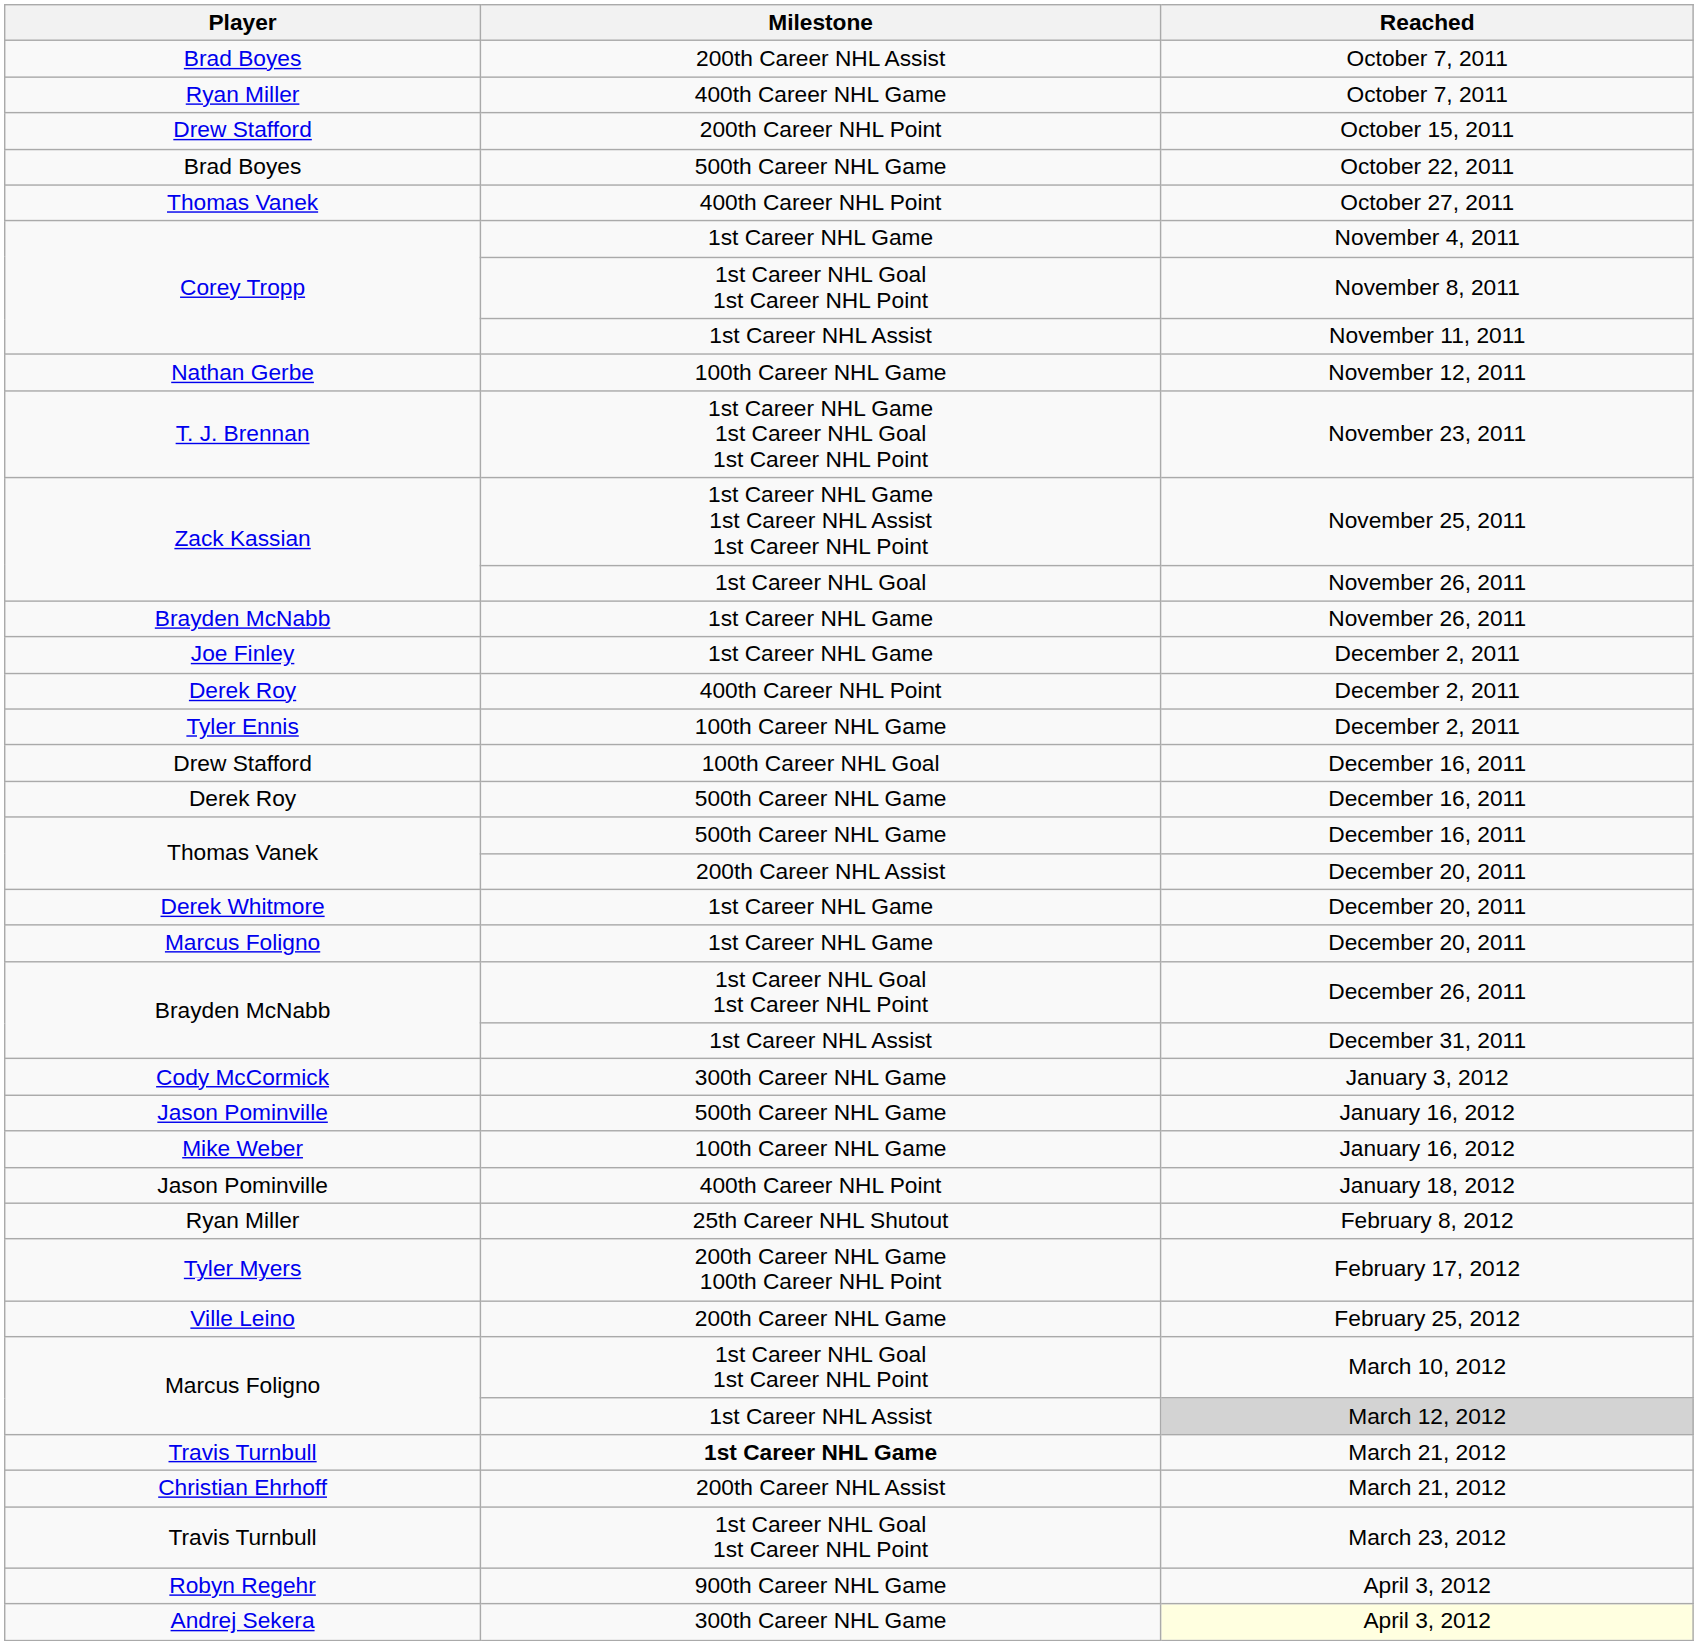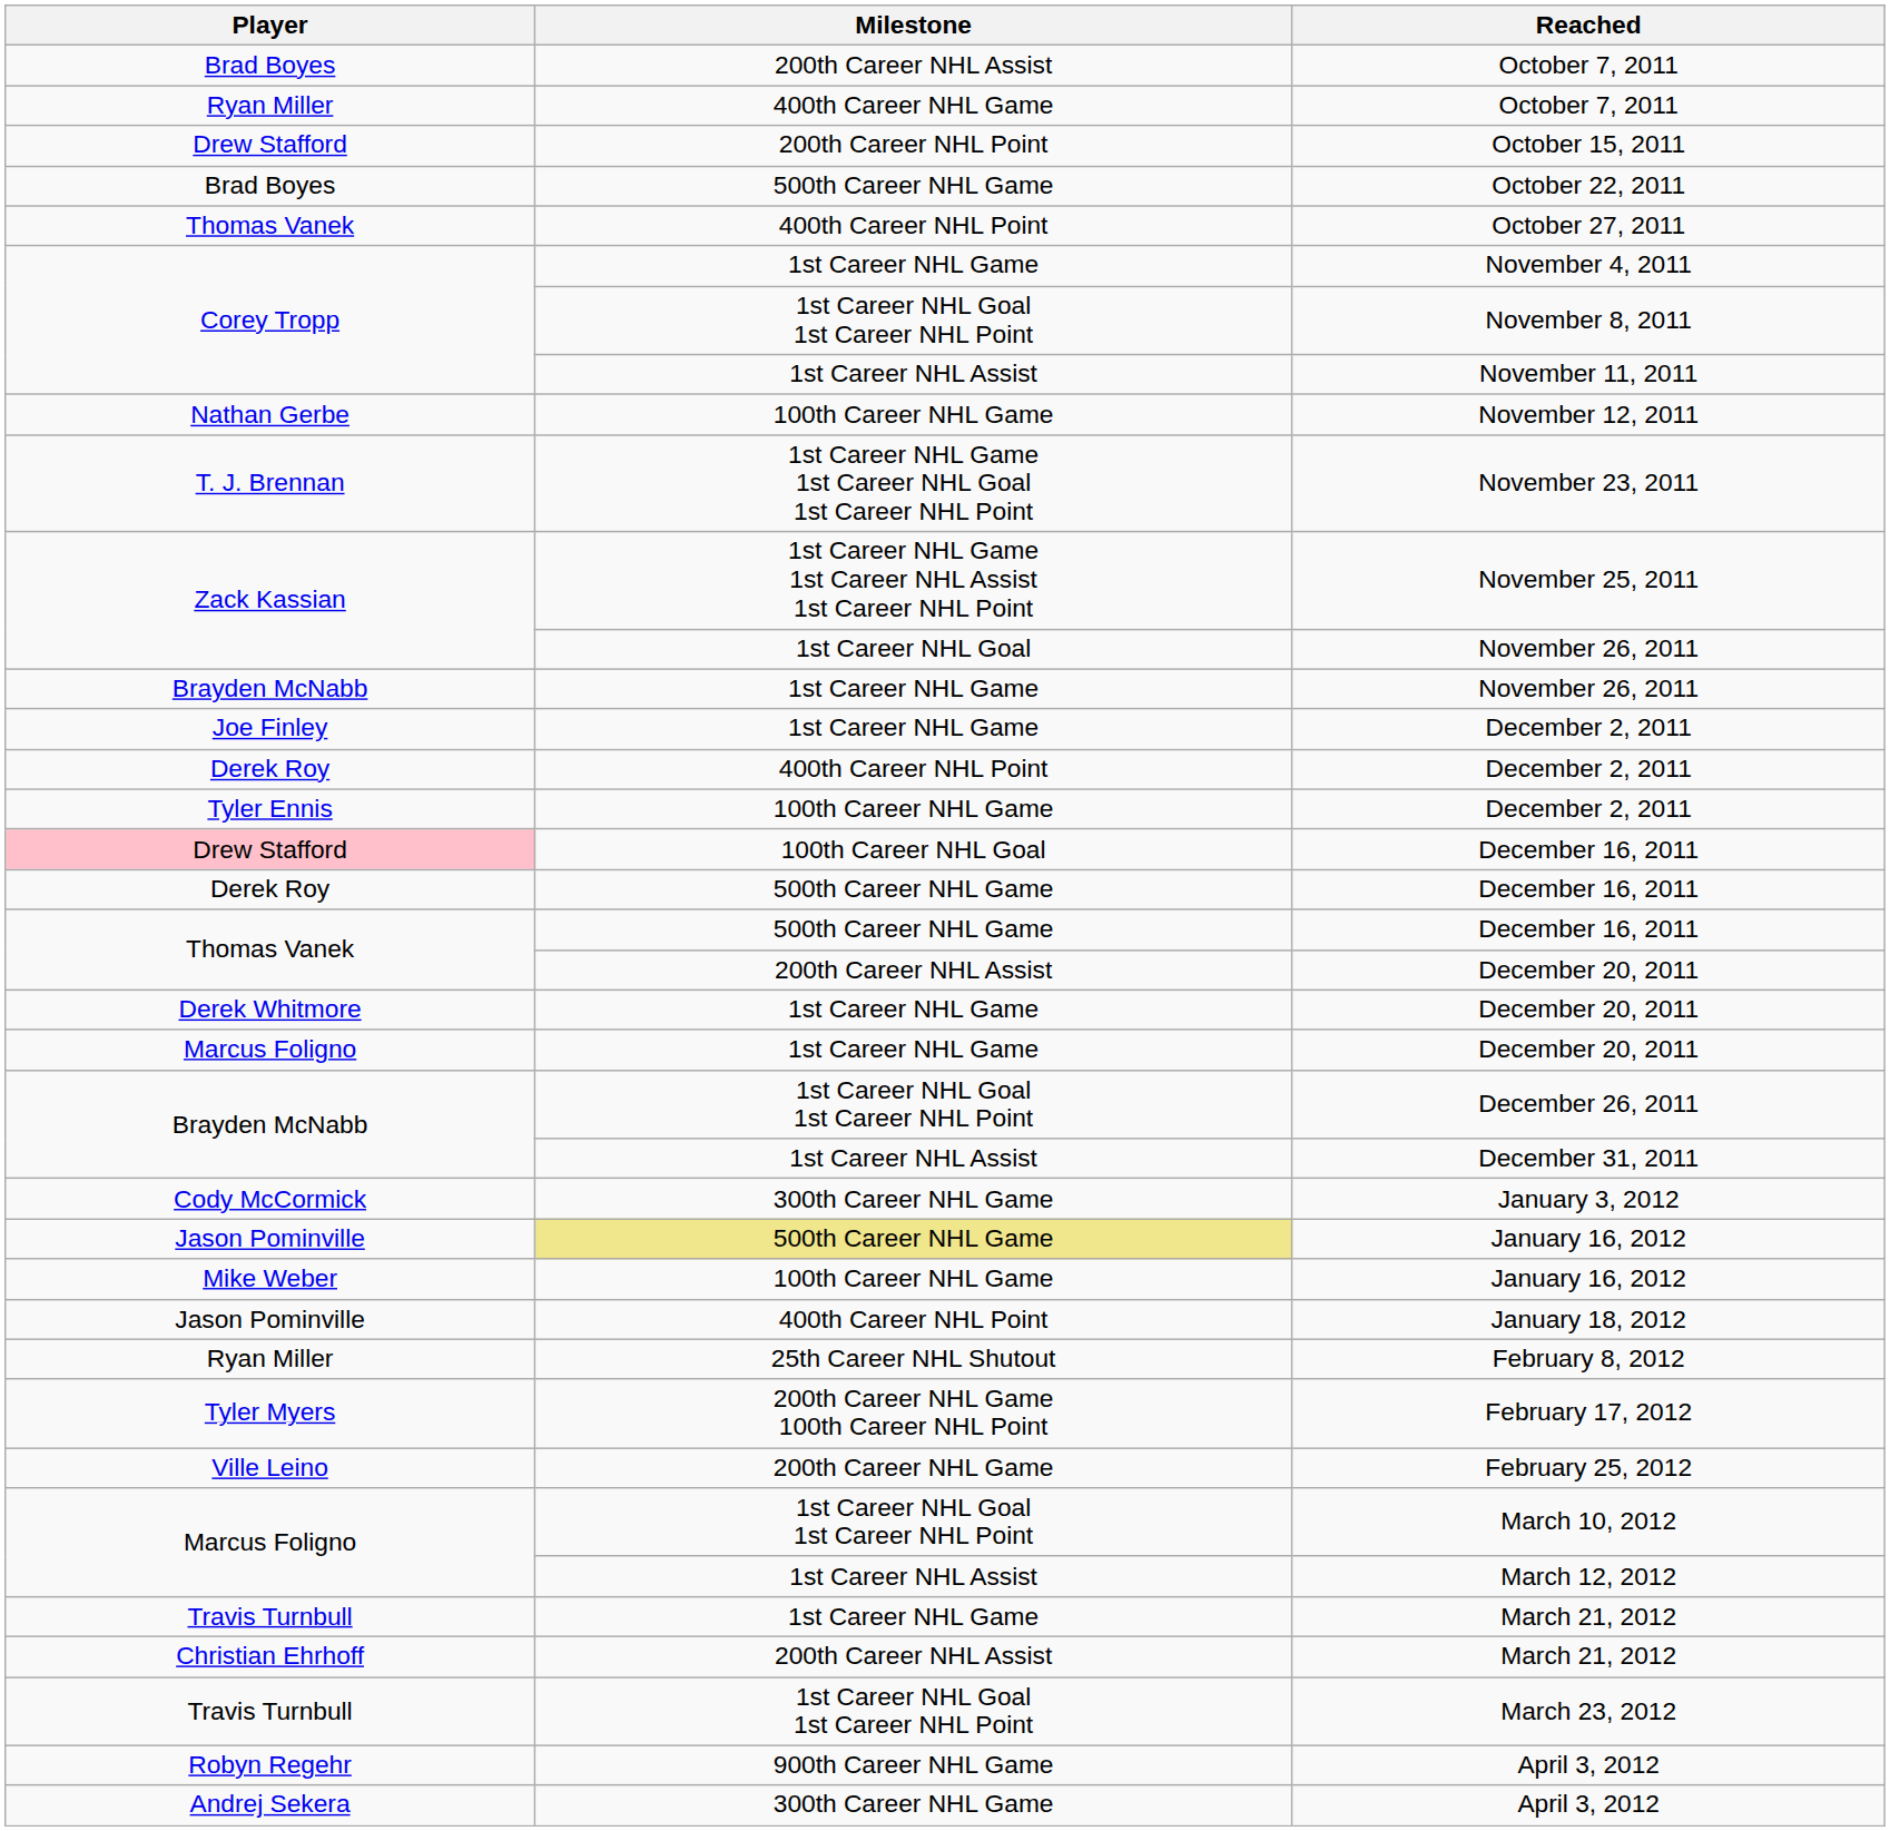 <table class="wikitable" width="60%" style="text-align:center">
 <tr>
 <th>Player</th>
 <th>Milestone</th>
 <th>Reached</th>
 </tr>
 <tr>
 <td><a href='#'>Brad Boyes</a></td>
 <td>200th Career NHL Assist</td>
 <td>October 7, 2011</td>
 </tr>
 <tr>
 <td><a href='#'>Ryan Miller</a></td>
 <td>400th Career NHL Game</td>
 <td>October 7, 2011</td>
 </tr>
 <tr>
 <td><a href='#'>Drew Stafford</a></td>
 <td>200th Career NHL Point</td>
 <td>October 15, 2011</td>
 </tr>
 <tr>
 <td>Brad Boyes</td>
 <td>500th Career NHL Game</td>
 <td>October 22, 2011</td>
 </tr>
 <tr>
 <td><a href='#'>Thomas Vanek</a></td>
 <td>400th Career NHL Point</td>
 <td>October 27, 2011</td>
 </tr>
 <tr>
 <td rowspan="3"><a href='#'>Corey Tropp</a></td>
 <td>1st Career NHL Game</td>
 <td>November 4, 2011</td>
 </tr>
 <tr>
 <td>1st Career NHL Goal<br>1st Career NHL Point</td>
 <td>November 8, 2011</td>
 </tr>
 <tr>
 <td>1st Career NHL Assist</td>
 <td>November 11, 2011</td>
 </tr>
 <tr>
 <td><a href='#'>Nathan Gerbe</a></td>
 <td>100th Career NHL Game</td>
 <td>November 12, 2011</td>
 </tr>
 <tr>
 <td><a href='#'>T. J. Brennan</a></td>
 <td>1st Career NHL Game<br>1st Career NHL Goal<br>1st Career NHL Point</td>
 <td>November 23, 2011</td>
 </tr>
 <tr>
 <td rowspan="2"><a href='#'>Zack Kassian</a></td>
 <td>1st Career NHL Game<br>1st Career NHL Assist<br>1st Career NHL Point</td>
 <td>November 25, 2011</td>
 </tr>
 <tr>
 <td>1st Career NHL Goal</td>
 <td>November 26, 2011</td>
 </tr>
 <tr>
 <td><a href='#'>Brayden McNabb</a></td>
 <td>1st Career NHL Game</td>
 <td>November 26, 2011</td>
 </tr>
 <tr>
 <td><a href='#'>Joe Finley</a></td>
 <td>1st Career NHL Game</td>
 <td>December 2, 2011</td>
 </tr>
 <tr>
 <td><a href='#'>Derek Roy</a></td>
 <td>400th Career NHL Point</td>
 <td>December 2, 2011</td>
 </tr>
 <tr>
 <td><a href='#'>Tyler Ennis</a></td>
 <td>100th Career NHL Game</td>
 <td>December 2, 2011</td>
 </tr>
 <tr>
-<td>Drew Stafford</td>
+<td style="background: pink;">Drew Stafford</td>
 <td>100th Career NHL Goal</td>
 <td>December 16, 2011</td>
 </tr>
 <tr>
 <td>Derek Roy</td>
 <td>500th Career NHL Game</td>
 <td>December 16, 2011</td>
 </tr>
 <tr>
 <td rowspan="2">Thomas Vanek</td>
 <td>500th Career NHL Game</td>
 <td>December 16, 2011</td>
 </tr>
 <tr>
 <td>200th Career NHL Assist</td>
 <td>December 20, 2011</td>
 </tr>
 <tr>
 <td><a href='#'>Derek Whitmore</a></td>
 <td>1st Career NHL Game</td>
 <td>December 20, 2011</td>
 </tr>
 <tr>
 <td><a href='#'>Marcus Foligno</a></td>
 <td>1st Career NHL Game</td>
 <td>December 20, 2011</td>
 </tr>
 <tr>
 <td rowspan="2">Brayden McNabb</td>
 <td>1st Career NHL Goal<br> 1st Career NHL Point</td>
 <td>December 26, 2011</td>
 </tr>
 <tr>
 <td>1st Career NHL Assist</td>
 <td>December 31, 2011</td>
 </tr>
 <tr>
 <td><a href='#'>Cody McCormick</a></td>
 <td>300th Career NHL Game</td>
 <td>January 3, 2012</td>
 </tr>
 <tr>
 <td><a href='#'>Jason Pominville</a></td>
-<td>500th Career NHL Game</td>
+<td style="background: khaki;">500th Career NHL Game</td>
 <td>January 16, 2012</td>
 </tr>
 <tr>
 <td><a href='#'>Mike Weber</a></td>
 <td>100th Career NHL Game</td>
 <td>January 16, 2012</td>
 </tr>
 <tr>
 <td>Jason Pominville</td>
 <td>400th Career NHL Point</td>
 <td>January 18, 2012</td>
 </tr>
 <tr>
 <td>Ryan Miller</td>
 <td>25th Career NHL Shutout</td>
 <td>February 8, 2012</td>
 </tr>
 <tr>
 <td><a href='#'>Tyler Myers</a></td>
 <td>200th Career NHL Game<br>100th Career NHL Point</td>
 <td>February 17, 2012</td>
 </tr>
 <tr>
 <td><a href='#'>Ville Leino</a></td>
 <td>200th Career NHL Game</td>
 <td>February 25, 2012</td>
 </tr>
 <tr>
 <td rowspan="2">Marcus Foligno</td>
 <td>1st Career NHL Goal<br> 1st Career NHL Point</td>
 <td>March 10, 2012</td>
 </tr>
 <tr>
 <td>1st Career NHL Assist</td>
-<td style="background: lightgrey;">March 12, 2012</td>
+<td>March 12, 2012</td>
 </tr>
 <tr>
 <td><a href='#'>Travis Turnbull</a></td>
-<td><strong>1st Career NHL Game</strong></td>
+<td>1st Career NHL Game</td>
 <td>March 21, 2012</td>
 </tr>
 <tr>
 <td><a href='#'>Christian Ehrhoff</a></td>
 <td>200th Career NHL Assist</td>
 <td>March 21, 2012</td>
 </tr>
 <tr>
 <td>Travis Turnbull</td>
 <td>1st Career NHL Goal<br> 1st Career NHL Point</td>
 <td>March 23, 2012</td>
 </tr>
 <tr>
 <td><a href='#'>Robyn Regehr</a></td>
 <td>900th Career NHL Game</td>
 <td>April 3, 2012</td>
 </tr>
 <tr>
 <td><a href='#'>Andrej Sekera</a></td>
 <td>300th Career NHL Game</td>
-<td style="background: lightyellow;">April 3, 2012</td>
+<td>April 3, 2012</td>
 </tr>
 </table>
